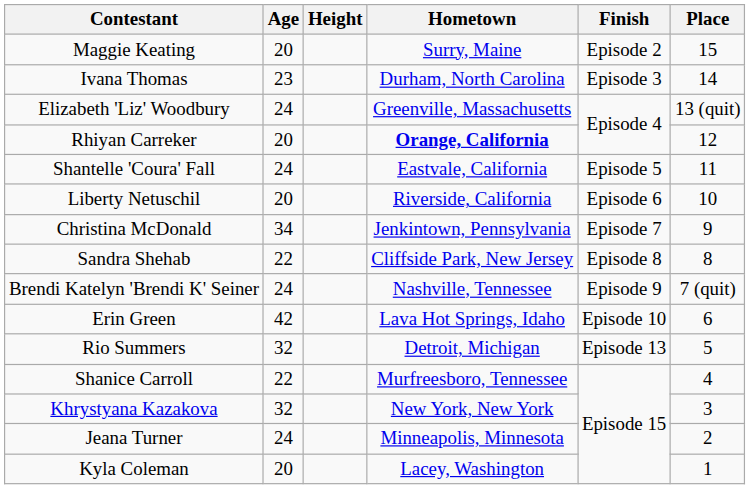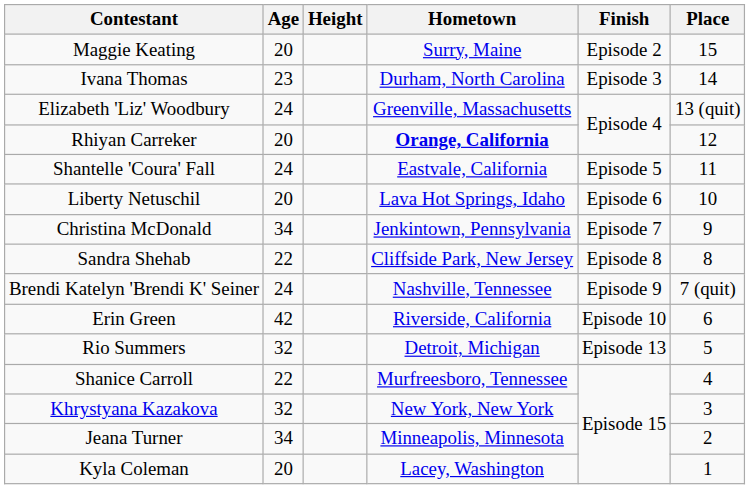 <table class="wikitable sortable" style="text-align:center;">
 <tr>
 <th>Contestant</th>
 <th>Age</th>
 <th>Height</th>
 <th>Hometown</th>
 <th>Finish</th>
 <th>Place</th>
 </tr>
 <tr>
 <td>Maggie Keating</td>
 <td>20</td>
 <td></td>
 <td><a href='#'>Surry, Maine</a></td>
 <td>Episode 2</td>
 <td>15</td>
 </tr>
 <tr>
 <td>Ivana Thomas</td>
 <td>23</td>
 <td></td>
 <td><a href='#'>Durham, North Carolina</a></td>
 <td>Episode 3</td>
 <td>14</td>
 </tr>
 <tr>
 <td>Elizabeth 'Liz' Woodbury</td>
 <td>24</td>
 <td></td>
 <td><a href='#'>Greenville, Massachusetts</a></td>
 <td rowspan="2">Episode 4</td>
 <td>13 (quit)</td>
 </tr>
 <tr>
 <td>Rhiyan Carreker</td>
 <td>20</td>
 <td></td>
 <td><strong><a href='#'>Orange, California</a></strong></td>
 <td>12</td>
 </tr>
 <tr>
 <td>Shantelle 'Coura' Fall</td>
 <td>24</td>
 <td></td>
 <td><a href='#'>Eastvale, California</a></td>
 <td>Episode 5</td>
 <td>11</td>
 </tr>
 <tr>
 <td>Liberty Netuschil</td>
 <td>20</td>
 <td></td>
-<td><a href='#'>Riverside, California</a></td>
+<td><a href='#'>Lava Hot Springs, Idaho</a></td>
 <td>Episode 6</td>
 <td>10</td>
 </tr>
 <tr>
 <td>Christina McDonald</td>
 <td>34</td>
 <td></td>
 <td><a href='#'>Jenkintown, Pennsylvania</a></td>
 <td>Episode 7</td>
 <td>9</td>
 </tr>
 <tr>
 <td>Sandra Shehab</td>
 <td>22</td>
 <td></td>
 <td><a href='#'>Cliffside Park, New Jersey</a></td>
 <td>Episode 8</td>
 <td>8</td>
 </tr>
 <tr>
 <td>Brendi Katelyn 'Brendi K' Seiner</td>
 <td>24</td>
 <td></td>
 <td><a href='#'>Nashville, Tennessee</a></td>
 <td>Episode 9</td>
 <td>7 (quit)</td>
 </tr>
 <tr>
 <td>Erin Green</td>
 <td>42</td>
 <td></td>
-<td><a href='#'>Lava Hot Springs, Idaho</a></td>
+<td><a href='#'>Riverside, California</a></td>
 <td>Episode 10</td>
 <td>6</td>
 </tr>
 <tr>
 <td>Rio Summers</td>
 <td>32</td>
 <td></td>
 <td><a href='#'>Detroit, Michigan</a></td>
 <td>Episode 13</td>
 <td>5</td>
 </tr>
 <tr>
 <td>Shanice Carroll</td>
 <td>22</td>
 <td></td>
 <td><a href='#'>Murfreesboro, Tennessee</a></td>
 <td rowspan="4">Episode 15</td>
 <td>4</td>
 </tr>
 <tr>
 <td><a href='#'>Khrystyana Kazakova</a></td>
 <td>32</td>
 <td></td>
 <td><a href='#'>New York, New York</a></td>
 <td>3</td>
 </tr>
 <tr>
 <td>Jeana Turner</td>
-<td>24</td>
+<td>34</td>
 <td></td>
 <td><a href='#'>Minneapolis, Minnesota</a></td>
 <td>2</td>
 </tr>
 <tr>
 <td>Kyla Coleman</td>
 <td>20</td>
 <td></td>
 <td><a href='#'>Lacey, Washington</a></td>
 <td>1</td>
 </tr>
 </table>
